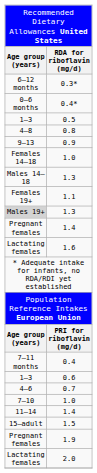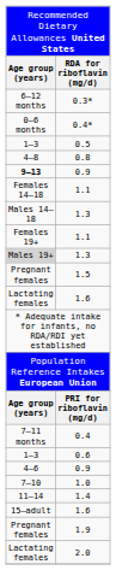 <table class="wikitable" style="float: right; font-size: 80%; text-align: center; margin-left: 2em">
 <tr>
 <td colspan="2" style="background: blue; color: white; font-size: 110%; text-align: center;">Recommended Dietary Allowances <strong>United States</strong></td>
 </tr>
 <tr>
 <th scope="col" width="8em">Age group (years)</th>
 <th scope="col" width="8em">RDA for riboflavin (mg/d)</th>
 </tr>
 <tr>
 <td>6–12 months</td>
 <td>0.3*</td>
 </tr>
 <tr>
 <td>0–6 months</td>
 <td>0.4*</td>
 </tr>
 <tr>
 <td>1–3</td>
 <td>0.5</td>
 </tr>
 <tr>
 <td>4–8</td>
 <td>0.8</td>
 </tr>
 <tr>
-<td>9–13</td>
+<td><strong>9–13</strong></td>
 <td>0.9</td>
 </tr>
 <tr>
 <td>Females 14–18</td>
-<td>1.0</td>
+<td>1.1</td>
 </tr>
 <tr>
 <td>Males 14–18</td>
 <td>1.3</td>
 </tr>
 <tr>
 <td>Females 19+</td>
 <td>1.1</td>
 </tr>
 <tr>
 <td style="background: lightgrey;">Males 19+</td>
 <td>1.3</td>
 </tr>
 <tr>
 <td>Pregnant females</td>
-<td>1.4</td>
+<td>1.5</td>
 </tr>
 <tr>
 <td>Lactating females</td>
 <td>1.6</td>
 </tr>
 <tr>
 <td colspan="2" style="text-align: center;">* Adequate intake for infants, no RDA/RDI yet established</td>
 </tr>
 <tr>
 <td colspan="2" style="background: blue; color: white; font-size: 110%; text-align: center;">Population Reference Intakes <strong>European Union</strong></td>
 </tr>
 <tr>
 <th scope="col" width=8em>Age group (years)</th>
 <th scope="col" width=8em>PRI for riboflavin (mg/d)</th>
 </tr>
 <tr>
 <td>7–11 months</td>
 <td>0.4</td>
 </tr>
 <tr>
 <td>1–3</td>
 <td>0.6</td>
 </tr>
 <tr>
 <td>4–6</td>
-<td>0.7</td>
+<td>0.9</td>
 </tr>
 <tr>
 <td>7–10</td>
 <td>1.0</td>
 </tr>
 <tr>
 <td>11–14</td>
 <td>1.4</td>
 </tr>
 <tr>
 <td>15–adult</td>
-<td>1.5</td>
+<td>1.6</td>
 </tr>
 <tr>
 <td>Pregnant females</td>
 <td>1.9</td>
 </tr>
 <tr>
 <td>Lactating females</td>
 <td>2.0</td>
 </tr>
 <tr>
 </tr>
 </table>
